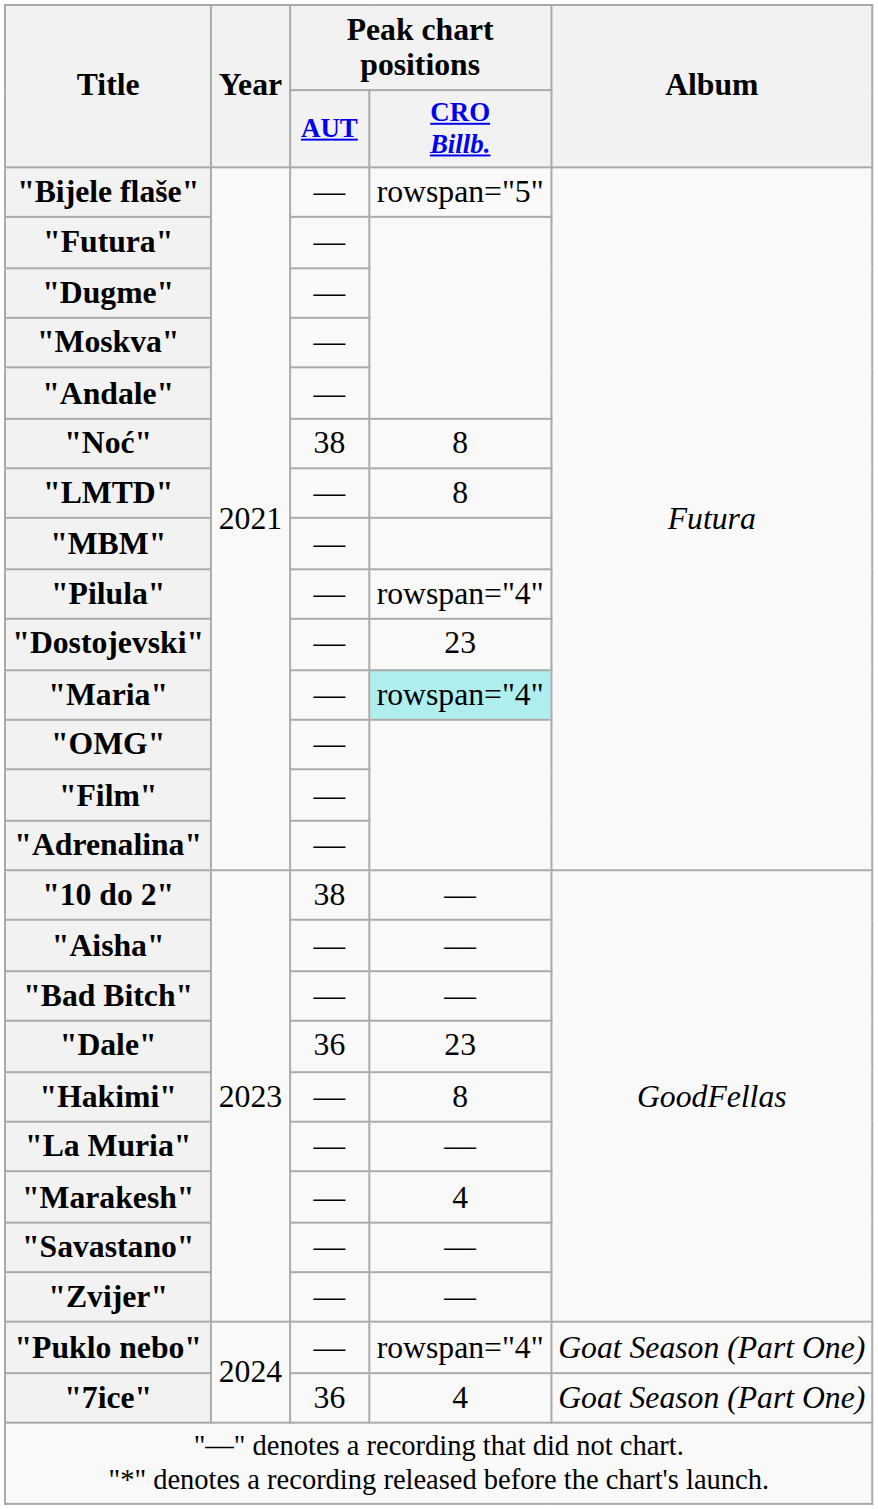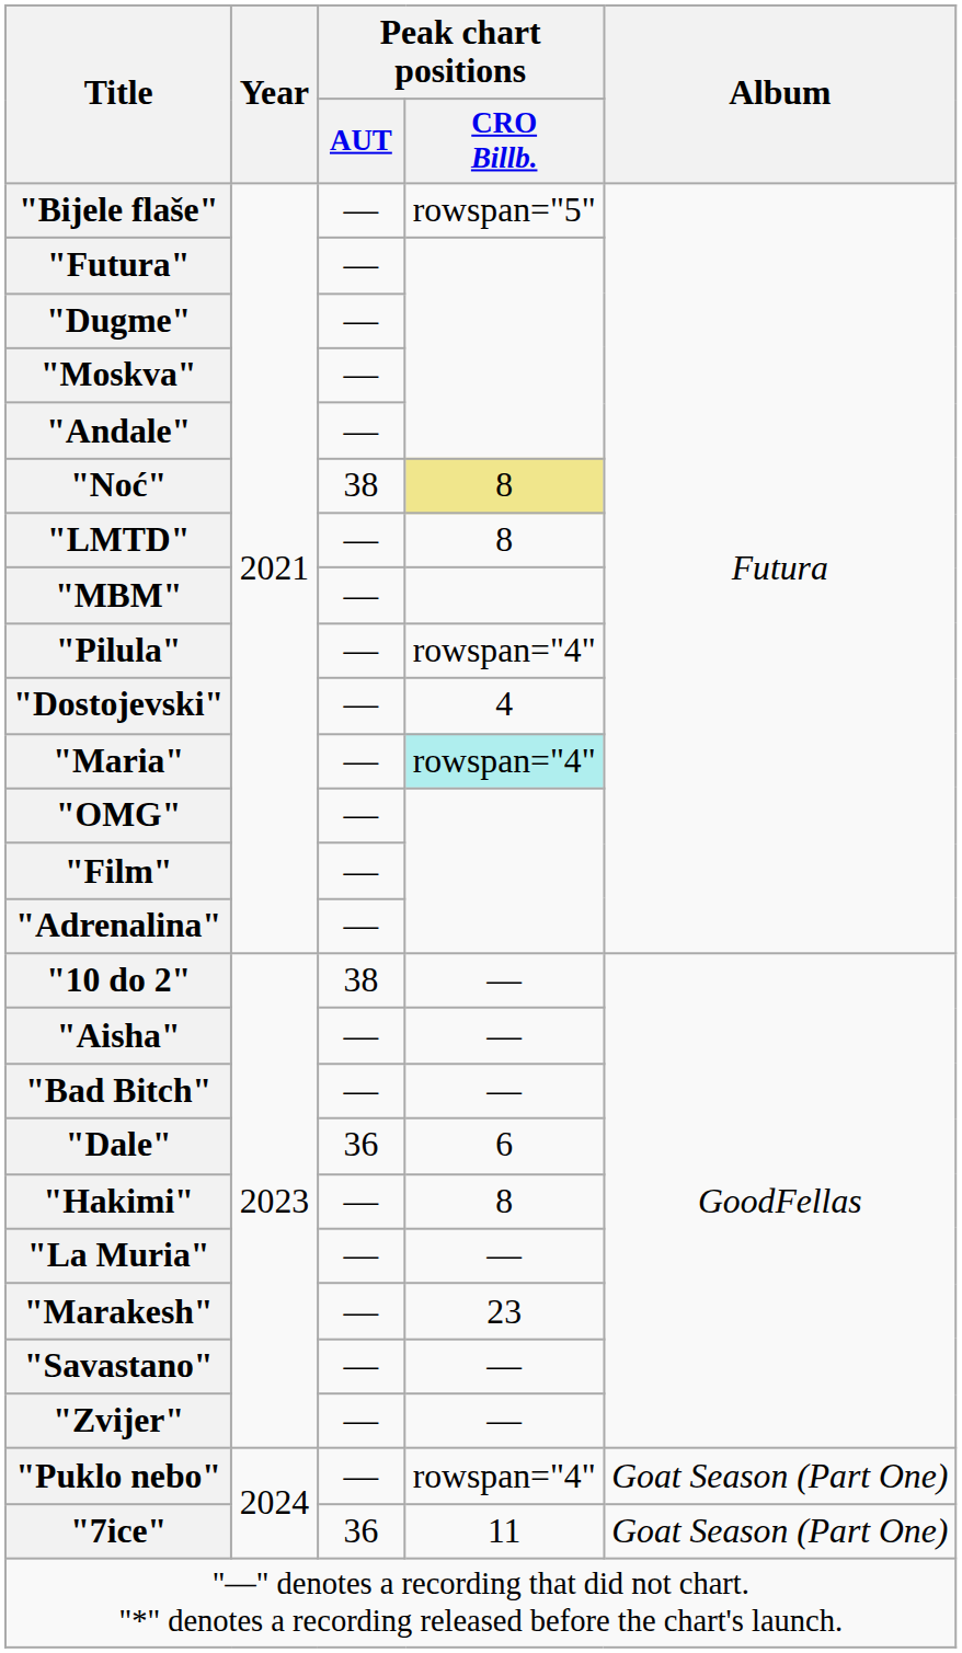 <table class="wikitable plainrowheaders" style="text-align:center;">
 <tr>
 <th rowspan="2" scope="col">Title</th>
 <th rowspan="2" scope="col">Year</th>
 <th colspan="2" scope="col">Peak chart positions</th>
 <th rowspan="2" scope="col">Album</th>
 </tr>
 <tr>
 <th style="width:2.5em; font-size:85%"><a href='#'>AUT</a><br></th>
 <th style="width:2.5em; font-size:85%"><a href='#'>CRO<br><em>Billb.</em></a><br></th>
 </tr>
 <tr>
 <th scope="row">"Bijele flaše"<br></th>
 <td rowspan="14">2021</td>
 <td>—</td>
 <td>rowspan="5" </td>
 <td rowspan="14"><em>Futura</em></td>
 </tr>
 <tr>
 <th scope="row">"Futura"</th>
 <td>—</td>
 </tr>
 <tr>
 <th scope="row">"Dugme"</th>
 <td>—</td>
 </tr>
 <tr>
 <th scope="row">"Moskva"</th>
 <td>—</td>
 </tr>
 <tr>
 <th scope="row">"Andale"</th>
 <td>—</td>
 </tr>
 <tr>
 <th scope="row">"Noć"<br></th>
 <td>38</td>
-<td>8</td>
+<td style="background: khaki;">8</td>
 </tr>
 <tr>
 <th scope="row">"LMTD"</th>
 <td>—</td>
 <td>8</td>
 </tr>
 <tr>
 <th scope="row">"MBM"<br></th>
 <td>—</td>
 </tr>
 <tr>
 <th scope="row">"Pilula"<br></th>
 <td>—</td>
 <td>rowspan="4" </td>
 </tr>
 <tr>
 <th scope="row">"Dostojevski"<br></th>
 <td>—</td>
-<td>23</td>
+<td>4</td>
 </tr>
 <tr>
 <th scope="row">"Maria"<br></th>
 <td>—</td>
 <td style="background: paleturquoise;">rowspan="4" </td>
 </tr>
 <tr>
 <th scope="row">"OMG"<br></th>
 <td>—</td>
 </tr>
 <tr>
 <th scope="row">"Film"</th>
 <td>—</td>
 </tr>
 <tr>
 <th scope="row">"Adrenalina"<br></th>
 <td>—</td>
 </tr>
 <tr>
 <th scope="row">"10 do 2"<br></th>
 <td rowspan="9">2023</td>
 <td>38</td>
 <td>—</td>
 <td rowspan="9"><em>GoodFellas</em></td>
 </tr>
 <tr>
 <th scope="row">"Aisha"<br></th>
 <td>—</td>
 <td>—</td>
 </tr>
 <tr>
 <th scope="row">"Bad Bitch"<br></th>
 <td>—</td>
 <td>—</td>
 </tr>
 <tr>
 <th scope="row">"Dale"<br></th>
 <td>36</td>
-<td>23</td>
+<td>6</td>
 </tr>
 <tr>
 <th scope="row">"Hakimi"<br></th>
 <td>—</td>
 <td>8</td>
 </tr>
 <tr>
 <th scope="row">"La Muria"<br></th>
 <td>—</td>
 <td>—</td>
 </tr>
 <tr>
 <th scope="row">"Marakesh"<br></th>
 <td>—</td>
-<td>4</td>
+<td>23</td>
 </tr>
 <tr>
 <th scope="row">"Savastano"<br></th>
 <td>—</td>
 <td>—</td>
 </tr>
 <tr>
 <th scope="row">"Zvijer"<br></th>
 <td>—</td>
 <td>—</td>
 </tr>
 <tr>
 <th scope="row">"Puklo nebo"<br></th>
 <td rowspan="2">2024</td>
 <td>—</td>
 <td>rowspan="4" </td>
 <td><em>Goat Season (Part One)</em></td>
 </tr>
 <tr>
 <th scope="row">"7ice"<br></th>
 <td>36</td>
-<td>4</td>
+<td>11</td>
 <td><em>Goat Season (Part One)</em></td>
 </tr>
 <tr>
 <td colspan="5" style="font-size:90%">"—" denotes a recording that did not chart.<br>"*" denotes a recording released before the chart's launch.</td>
 </tr>
 </table>
